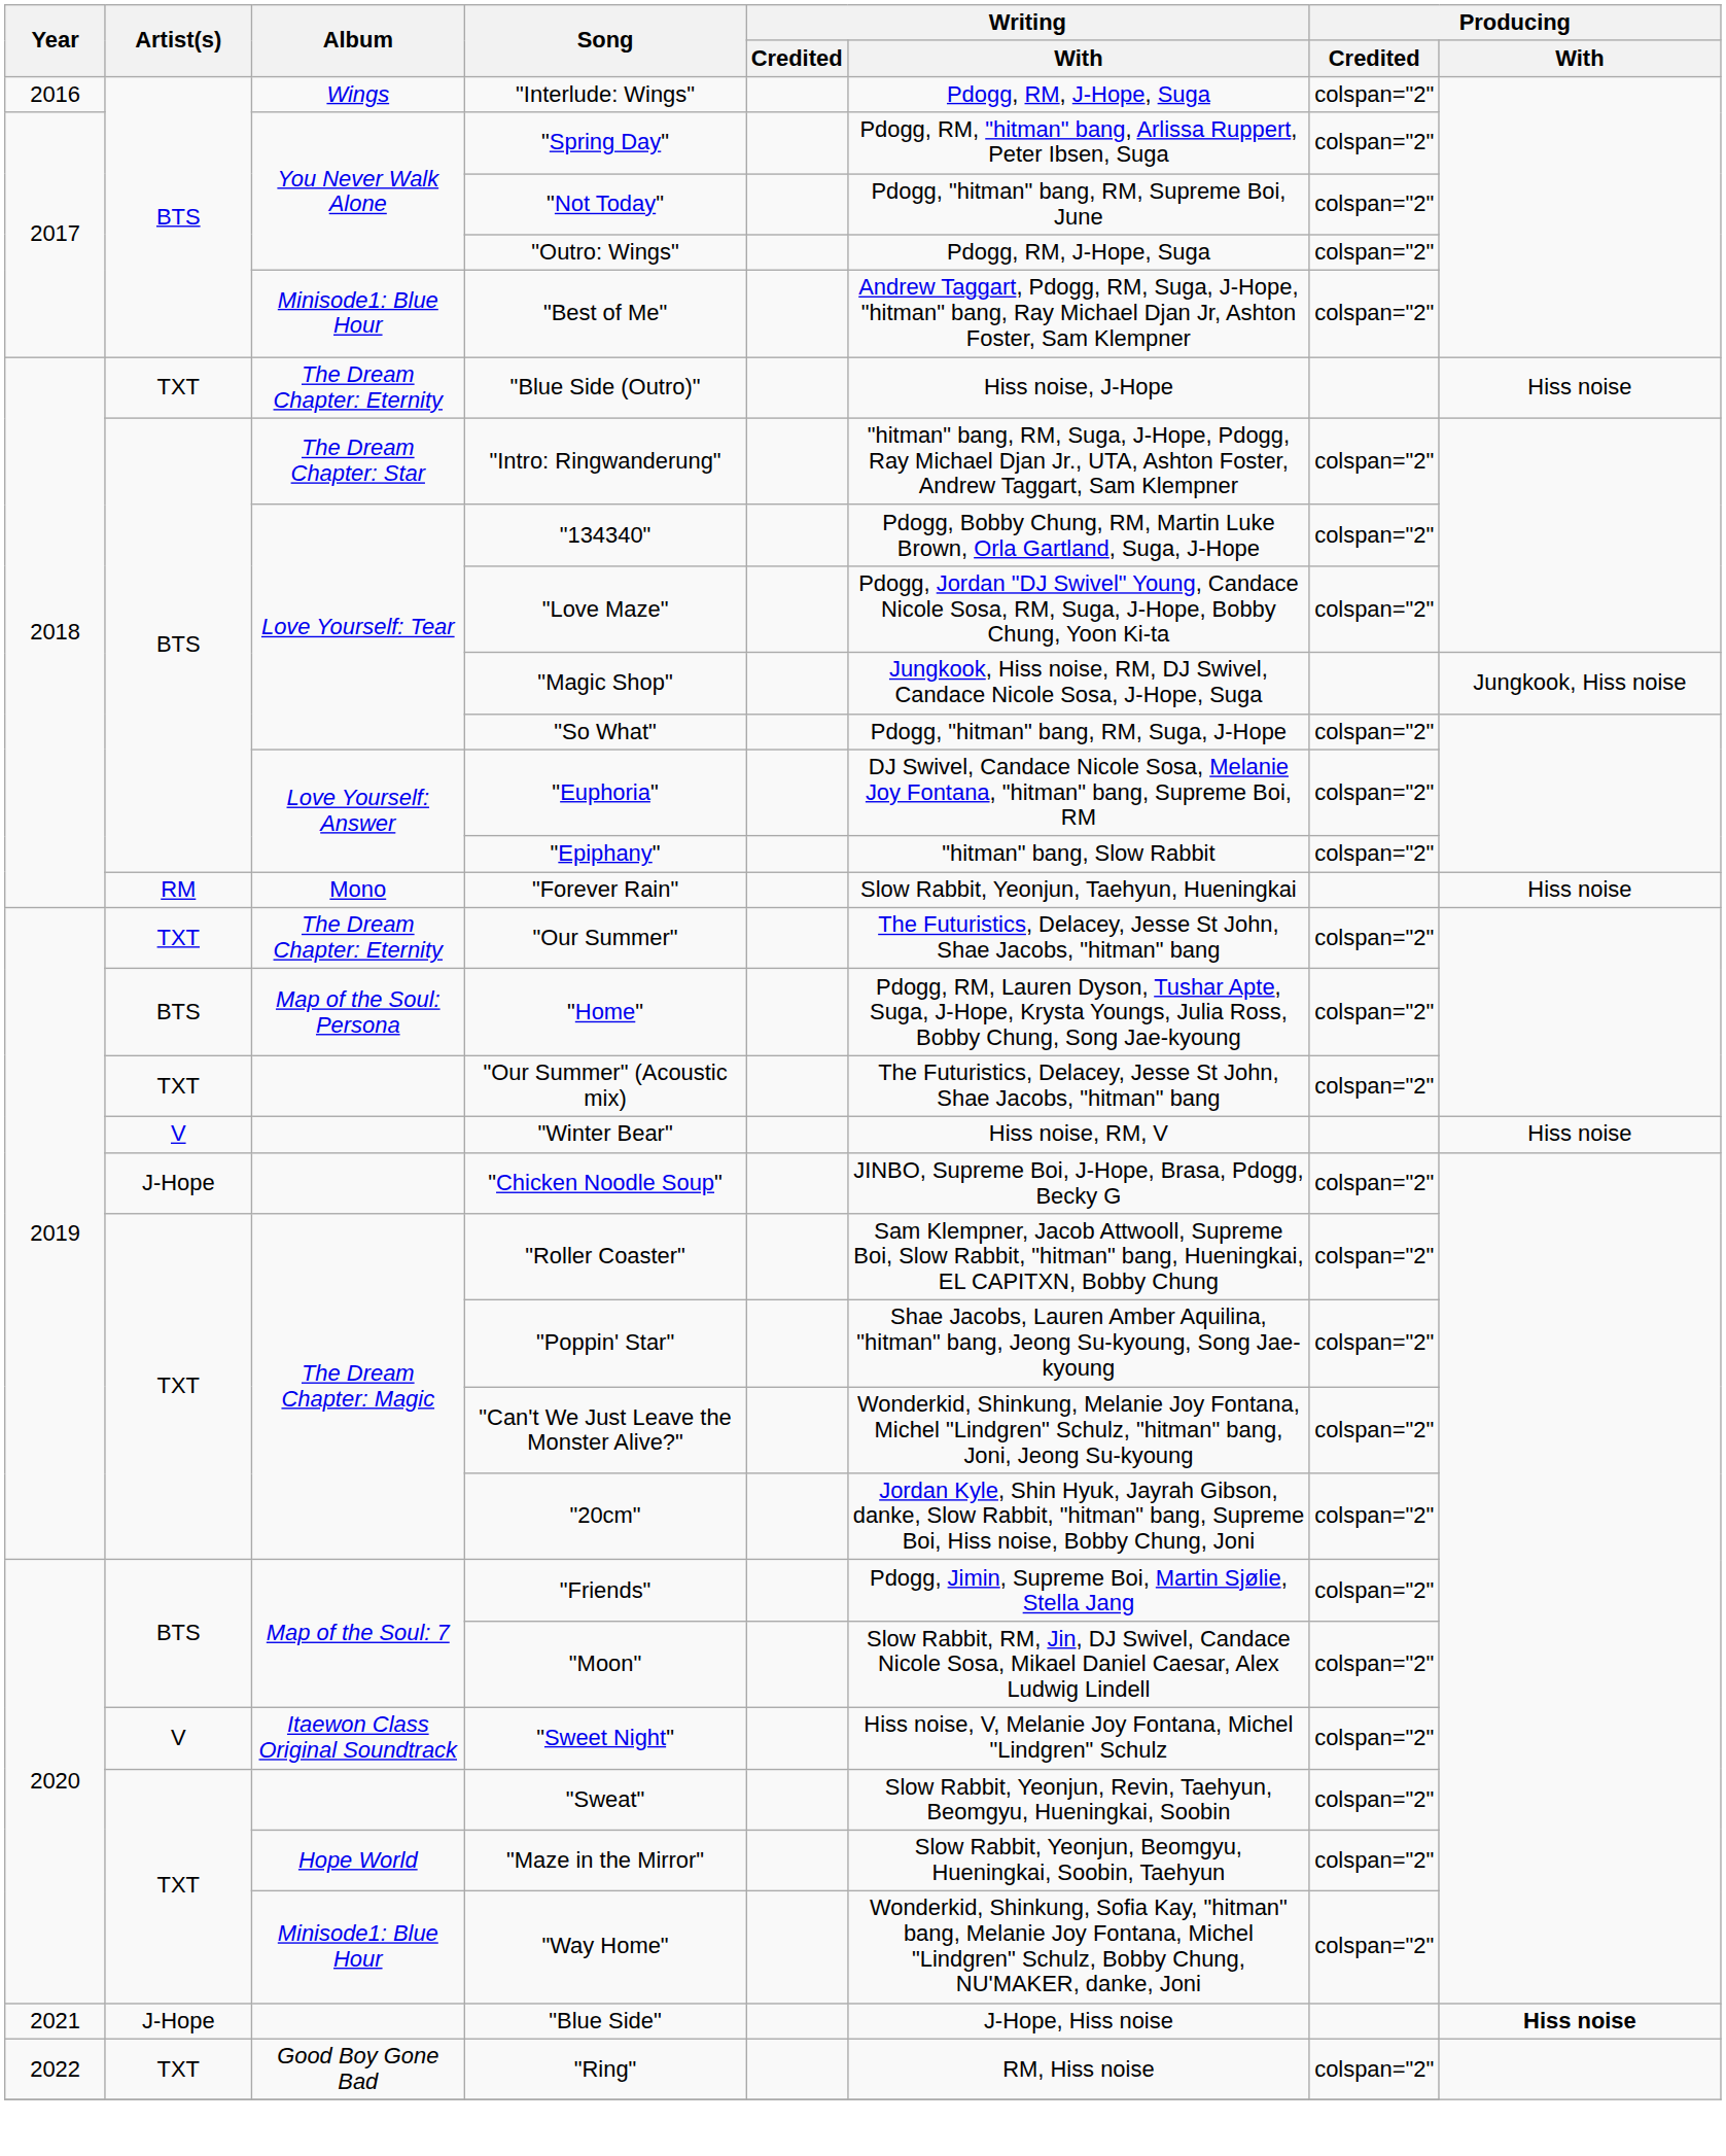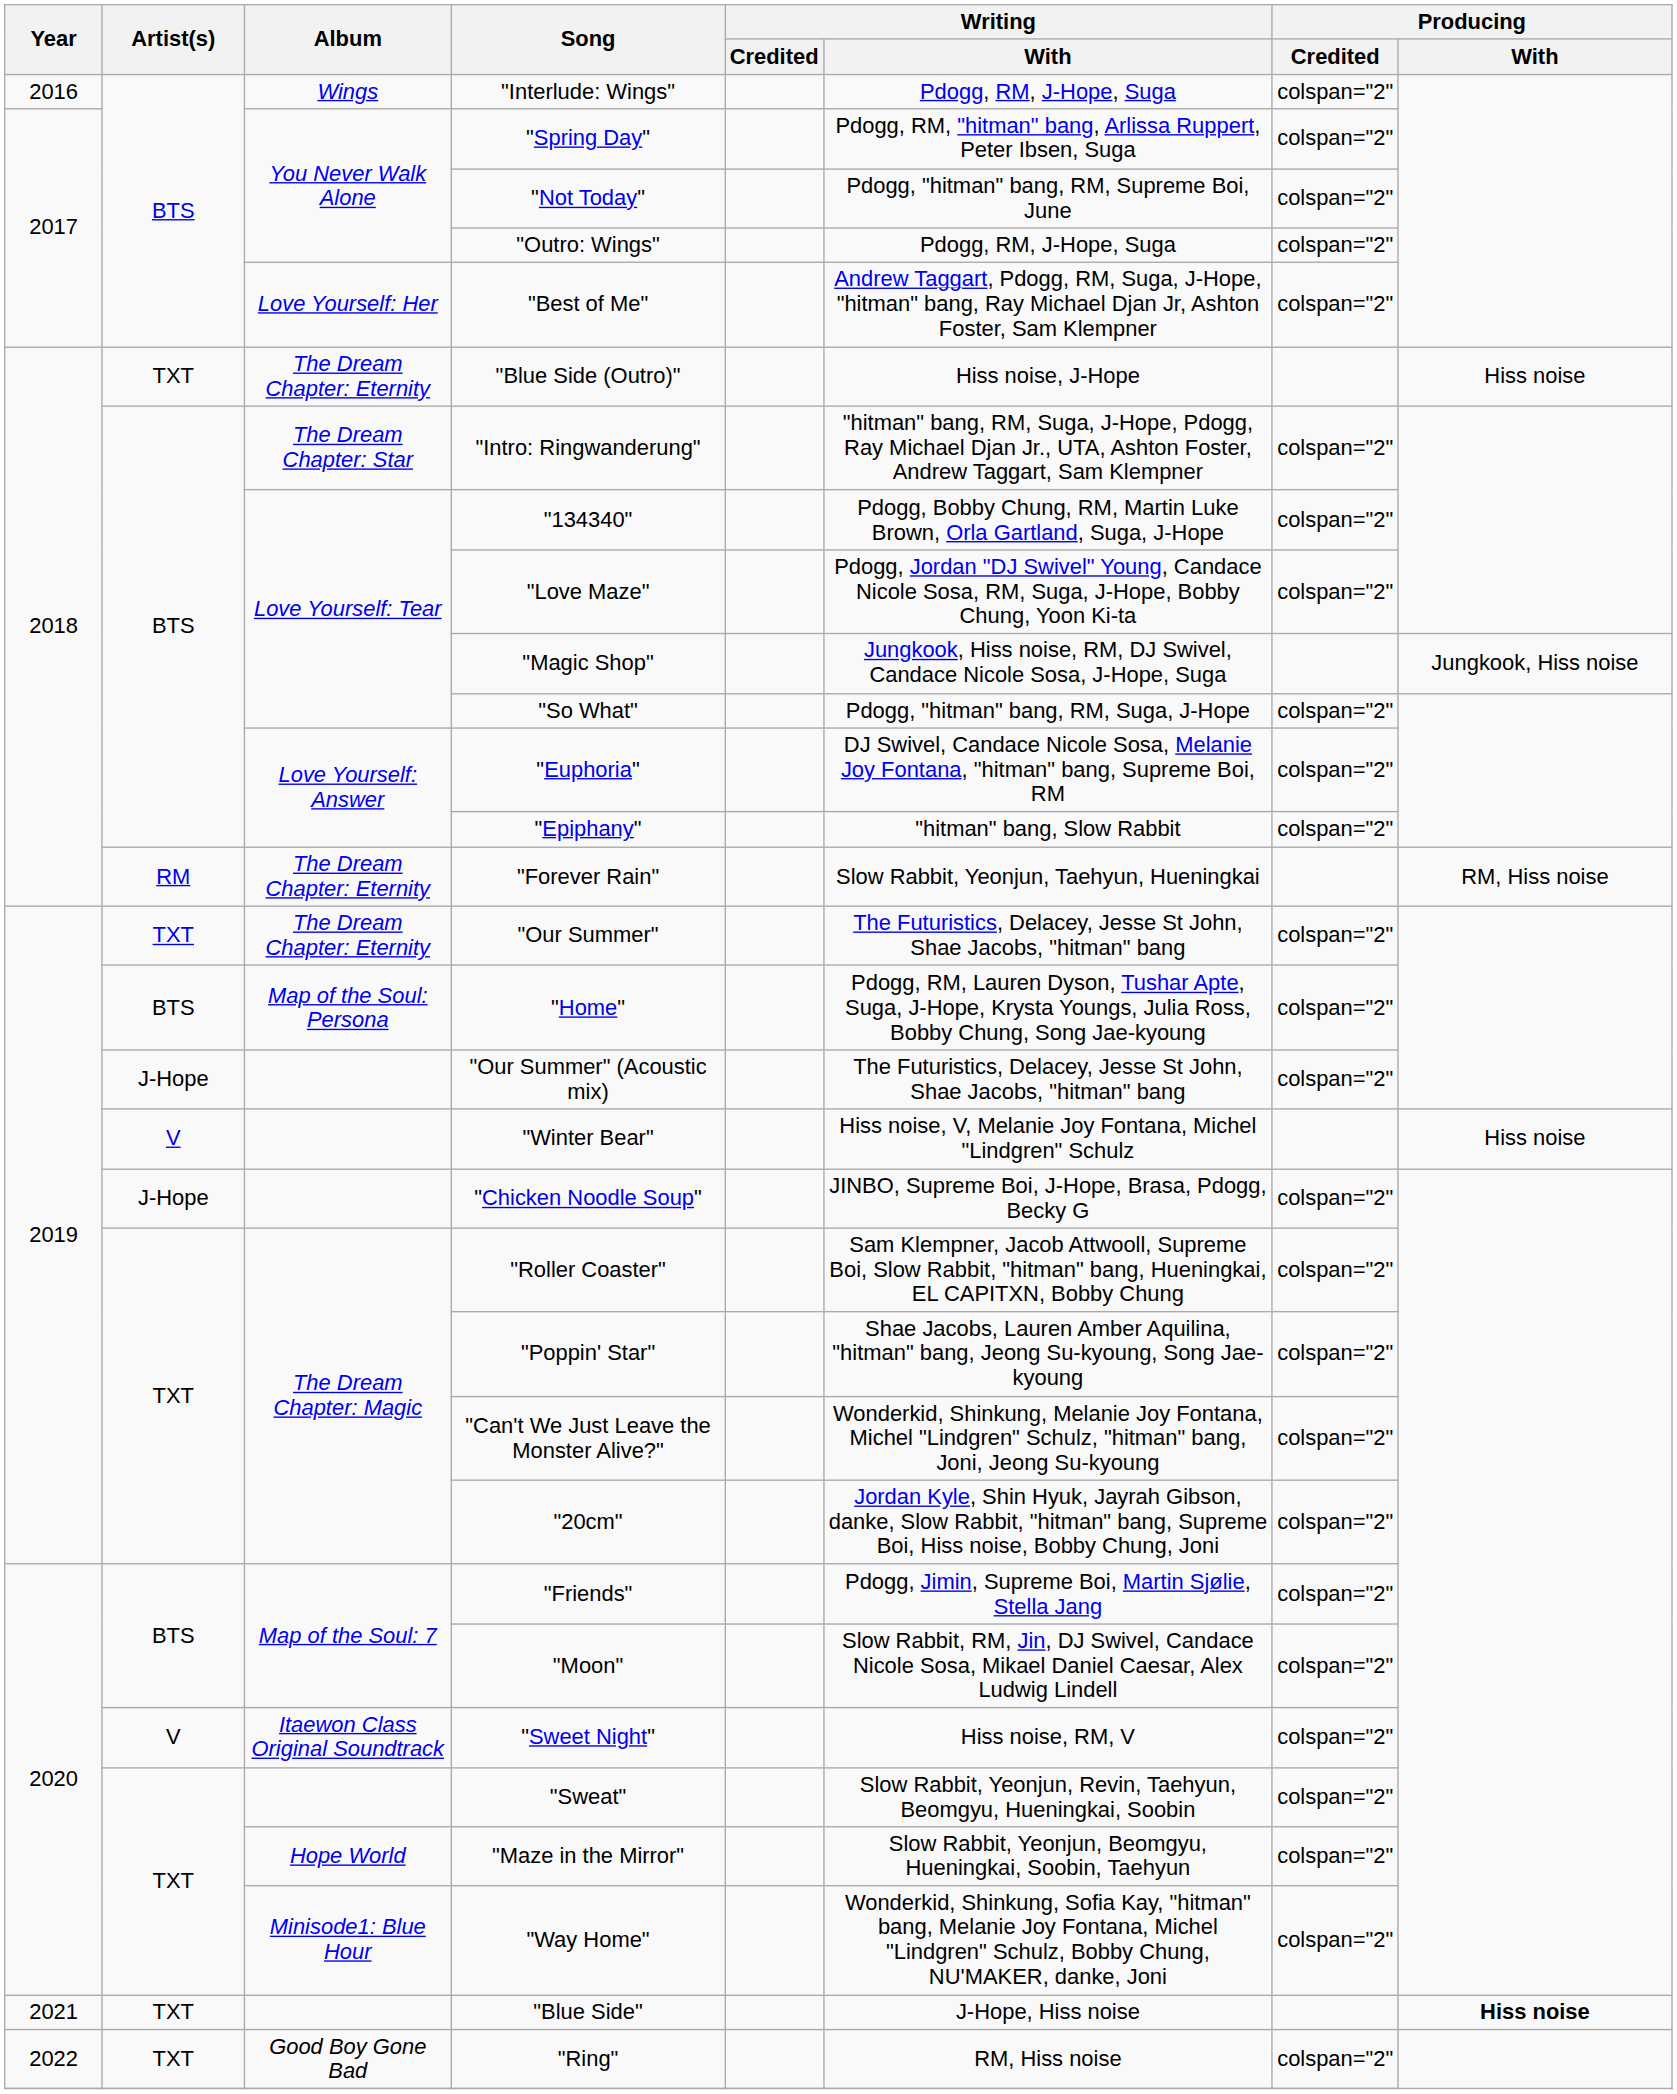 <table class="wikitable sortable plainrowheaders" style="text-align:center;">
 <tr>
 <th rowspan="2" style="width:4em;">Year</th>
 <th rowspan="2" style="width:6em;">Artist(s)</th>
 <th rowspan="2" style="width:9em;">Album</th>
 <th rowspan="2" style="width:12em;">Song</th>
 <th colspan="2" style="width:4em;">Writing</th>
 <th colspan="2" style="width:4em;">Producing</th>
 </tr>
 <tr>
 <th style="width:4em;">Credited</th>
 <th style="width:20em;" class="unsortable">With</th>
 <th style="width:4em;">Credited</th>
 <th style="width:12em;" class="unsortable">With</th>
 </tr>
 <tr>
 <td>2016</td>
 <td rowspan="5"><a href='#'>BTS</a></td>
 <td><em><a href='#'>Wings</a></em></td>
 <td>"Interlude: Wings"</td>
 <td></td>
 <td><a href='#'>Pdogg</a>, <a href='#'>RM</a>, <a href='#'>J-Hope</a>, <a href='#'>Suga</a></td>
 <td>colspan="2" </td>
 </tr>
 <tr>
 <td rowspan="4">2017</td>
 <td rowspan="3"><em><a href='#'>You Never Walk Alone</a></em></td>
 <td>"<a href='#'>Spring Day</a>"</td>
 <td></td>
 <td>Pdogg, RM, <a href='#'>"hitman" bang</a>, <a href='#'>Arlissa Ruppert</a>, Peter Ibsen, Suga</td>
 <td>colspan="2" </td>
 </tr>
 <tr>
 <td>"<a href='#'>Not Today</a>"</td>
 <td></td>
 <td>Pdogg, "hitman" bang, RM, Supreme Boi, June</td>
 <td>colspan="2" </td>
 </tr>
 <tr>
 <td>"Outro: Wings"</td>
 <td></td>
 <td>Pdogg, RM, J-Hope, Suga</td>
 <td>colspan="2" </td>
 </tr>
 <tr>
-<td><em><a href='#'>Minisode1: Blue Hour</a></em></td>
+<td><em><a href='#'>Love Yourself: Her</a></em></td>
 <td>"Best of Me"</td>
 <td></td>
 <td><a href='#'>Andrew Taggart</a>, Pdogg, RM, Suga, J-Hope, "hitman" bang, Ray Michael Djan Jr, Ashton Foster, Sam Klempner</td>
 <td>colspan="2" </td>
 </tr>
 <tr>
 <td rowspan="9">2018</td>
 <td>TXT</td>
 <td><em><a href='#'>The Dream Chapter: Eternity</a></em></td>
 <td>"Blue Side (Outro)"</td>
 <td></td>
 <td>Hiss noise, J-Hope</td>
 <td></td>
 <td>Hiss noise</td>
 </tr>
 <tr>
 <td rowspan="7">BTS</td>
 <td><em><a href='#'>The Dream Chapter: Star</a></em></td>
 <td>"Intro: Ringwanderung"</td>
 <td></td>
 <td>"hitman" bang, RM, Suga, J-Hope, Pdogg, Ray Michael Djan Jr., UTA, Ashton Foster, Andrew Taggart, Sam Klempner</td>
 <td>colspan="2" </td>
 </tr>
 <tr>
 <td rowspan="4"><em><a href='#'>Love Yourself: Tear</a></em></td>
 <td>"134340"</td>
 <td></td>
 <td>Pdogg, Bobby Chung, RM, Martin Luke Brown, <a href='#'>Orla Gartland</a>, Suga, J-Hope</td>
 <td>colspan="2" </td>
 </tr>
 <tr>
 <td>"Love Maze"</td>
 <td></td>
 <td>Pdogg, <a href='#'>Jordan "DJ Swivel" Young</a>, Candace Nicole Sosa, RM, Suga, J-Hope, Bobby Chung, Yoon Ki-ta</td>
 <td>colspan="2" </td>
 </tr>
 <tr>
 <td>"Magic Shop"</td>
 <td></td>
 <td><a href='#'>Jungkook</a>, Hiss noise, RM, DJ Swivel, Candace Nicole Sosa, J-Hope, Suga</td>
 <td></td>
 <td>Jungkook, Hiss noise</td>
 </tr>
 <tr>
 <td>"So What"</td>
 <td></td>
 <td>Pdogg, "hitman" bang, RM, Suga, J-Hope</td>
 <td>colspan="2" </td>
 </tr>
 <tr>
 <td rowspan="2"><em><a href='#'>Love Yourself: Answer</a></em></td>
 <td>"<a href='#'>Euphoria</a>"</td>
 <td></td>
 <td>DJ Swivel, Candace Nicole Sosa, <a href='#'>Melanie Joy Fontana</a>, "hitman" bang, Supreme Boi, RM</td>
 <td>colspan="2" </td>
 </tr>
 <tr>
 <td>"<a href='#'>Epiphany</a>"</td>
 <td></td>
 <td>"hitman" bang, Slow Rabbit</td>
 <td>colspan="2" </td>
 </tr>
 <tr>
 <td><a href='#'>RM</a></td>
-<td><a href='#'>Mono</a></td>
+<td><em><a href='#'>The Dream Chapter: Eternity</a></em></td>
 <td>"Forever Rain"</td>
 <td></td>
 <td>Slow Rabbit, Yeonjun, Taehyun, Hueningkai</td>
 <td></td>
-<td>Hiss noise</td>
+<td>RM, Hiss noise</td>
 </tr>
 <tr>
 <td rowspan="9">2019</td>
 <td><a href='#'>TXT</a></td>
 <td><em><a href='#'>The Dream Chapter: Eternity</a></em></td>
 <td>"Our Summer"</td>
 <td></td>
 <td><a href='#'>The Futuristics</a>, Delacey, Jesse St John, Shae Jacobs, "hitman" bang</td>
 <td>colspan="2" </td>
 </tr>
 <tr>
 <td>BTS</td>
 <td><em><a href='#'>Map of the Soul: Persona</a></em></td>
 <td>"<a href='#'>Home</a>"</td>
 <td></td>
 <td>Pdogg, RM, Lauren Dyson, <a href='#'>Tushar Apte</a>, Suga, J-Hope, Krysta Youngs, Julia Ross, Bobby Chung, Song Jae-kyoung</td>
 <td>colspan="2" </td>
 </tr>
 <tr>
-<td>TXT</td>
+<td>J-Hope</td>
 <td></td>
 <td>"Our Summer" (Acoustic mix)</td>
 <td></td>
 <td>The Futuristics, Delacey, Jesse St John, Shae Jacobs, "hitman" bang</td>
 <td>colspan="2" </td>
 </tr>
 <tr>
 <td><a href='#'>V</a></td>
 <td></td>
 <td>"Winter Bear"</td>
 <td></td>
-<td>Hiss noise, RM, V</td>
+<td>Hiss noise, V, Melanie Joy Fontana, Michel "Lindgren" Schulz</td>
 <td></td>
 <td>Hiss noise</td>
 </tr>
 <tr>
 <td>J-Hope</td>
 <td></td>
 <td>"<a href='#'>Chicken Noodle Soup</a>" <br></td>
 <td></td>
 <td>JINBO, Supreme Boi, J-Hope, Brasa, Pdogg, Becky G</td>
 <td>colspan="2" </td>
 </tr>
 <tr>
 <td rowspan="4">TXT</td>
 <td rowspan="4"><em><a href='#'>The Dream Chapter: Magic</a></em></td>
 <td>"Roller Coaster"</td>
 <td></td>
 <td>Sam Klempner, Jacob Attwooll, Supreme Boi, Slow Rabbit, "hitman" bang, Hueningkai, EL CAPITXN, Bobby Chung</td>
 <td>colspan="2" </td>
 </tr>
 <tr>
 <td>"Poppin' Star"</td>
 <td></td>
 <td>Shae Jacobs, Lauren Amber Aquilina, "hitman" bang, Jeong Su-kyoung, Song Jae-kyoung</td>
 <td>colspan="2" </td>
 </tr>
 <tr>
 <td>"Can't We Just Leave the Monster Alive?"</td>
 <td></td>
 <td>Wonderkid, Shinkung, Melanie Joy Fontana, Michel "Lindgren" Schulz, "hitman" bang, Joni, Jeong Su-kyoung</td>
 <td>colspan="2" </td>
 </tr>
 <tr>
 <td>"20cm"</td>
 <td></td>
 <td><a href='#'>Jordan Kyle</a>, Shin Hyuk, Jayrah Gibson, danke, Slow Rabbit, "hitman" bang, Supreme Boi, Hiss noise, Bobby Chung, Joni</td>
 <td>colspan="2" </td>
 </tr>
 <tr>
 <td rowspan="6">2020</td>
 <td rowspan="2">BTS</td>
 <td rowspan="2"><em><a href='#'>Map of the Soul: 7</a></em></td>
 <td>"Friends"</td>
 <td></td>
 <td>Pdogg, <a href='#'>Jimin</a>, Supreme Boi, <a href='#'>Martin Sjølie</a>, <a href='#'>Stella Jang</a></td>
 <td>colspan="2" </td>
 </tr>
 <tr>
 <td>"Moon"</td>
 <td></td>
 <td>Slow Rabbit, RM, <a href='#'>Jin</a>, DJ Swivel, Candace Nicole Sosa, Mikael Daniel Caesar, Alex Ludwig Lindell</td>
 <td>colspan="2" </td>
 </tr>
 <tr>
 <td>V</td>
 <td><a href='#'><em>Itaewon Class Original Soundtrack</em></a></td>
 <td>"<a href='#'>Sweet Night</a>"</td>
 <td></td>
-<td>Hiss noise, V, Melanie Joy Fontana, Michel "Lindgren" Schulz</td>
+<td>Hiss noise, RM, V</td>
 <td>colspan="2" </td>
 </tr>
 <tr>
 <td rowspan="3">TXT</td>
 <td></td>
 <td>"Sweat"</td>
 <td></td>
 <td>Slow Rabbit, Yeonjun, Revin, Taehyun, Beomgyu, Hueningkai, Soobin</td>
 <td>colspan="2" </td>
 </tr>
 <tr>
 <td><em><a href='#'>Hope World</a></em></td>
 <td>"Maze in the Mirror"</td>
 <td></td>
 <td>Slow Rabbit, Yeonjun, Beomgyu, Hueningkai, Soobin, Taehyun</td>
 <td>colspan="2" </td>
 </tr>
 <tr>
 <td><em><a href='#'>Minisode1: Blue Hour</a></em></td>
 <td>"Way Home"</td>
 <td></td>
 <td>Wonderkid, Shinkung, Sofia Kay, "hitman" bang, Melanie Joy Fontana, Michel "Lindgren" Schulz, Bobby Chung, NU'MAKER, danke, Joni</td>
 <td>colspan="2" </td>
 </tr>
 <tr>
 <td>2021</td>
-<td>J-Hope</td>
+<td>TXT</td>
 <td></td>
 <td>"Blue Side"</td>
 <td></td>
 <td>J-Hope, Hiss noise</td>
 <td></td>
 <td><strong>Hiss noise</strong></td>
 </tr>
 <tr>
 <td>2022</td>
 <td>TXT</td>
 <td><em>Good Boy Gone Bad</em></td>
 <td>"Ring"</td>
 <td></td>
 <td>RM, Hiss noise</td>
 <td>colspan="2" </td>
 </tr>
 <tr>
 </tr>
 </table>
